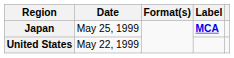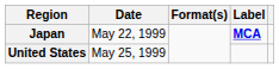 <table class="wikitable sortable plainrowheaders">
 <tr>
 <th scope="col">Region</th>
 <th scope="col">Date</th>
 <th scope="col">Format(s)</th>
 <th scope="col">Label</th>
 <th scope="col"></th>
 </tr>
 <tr>
 <th scope="row">Japan</th>
-<td>May 25, 1999</td>
+<td>May 22, 1999</td>
 <td rowspan="2"></td>
 <td><strong><a href='#'>MCA</a></strong></td>
 <td></td>
 </tr>
 <tr>
 <th scope="row">United States</th>
-<td>May 22, 1999</td>
+<td>May 25, 1999</td>
 <td></td>
 <td></td>
 </tr>
 </table>
